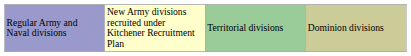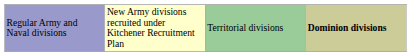 <table class="wikitable">
 <tr align = "center">
 </tr>
 <tr>
 <td align="centre" style="background:#9999CC;" width="160pt">Regular Army and Naval divisions</td>
 <td align="centre" style="background:#FFFFCC;" width="160pt">New Army divisions recruited under Kitchener Recruitment Plan</td>
 <td align="centre" style="background:#99CC99" width="160pt">Territorial divisions</td>
-<td align="centre" style="background:#CCCC99;" width="160pt">Dominion divisions</td>
+<td align="centre" style="background:#CCCC99;" width="160pt"><strong>Dominion divisions</strong></td>
 </tr>
 <tr>
 </tr>
 </table>
